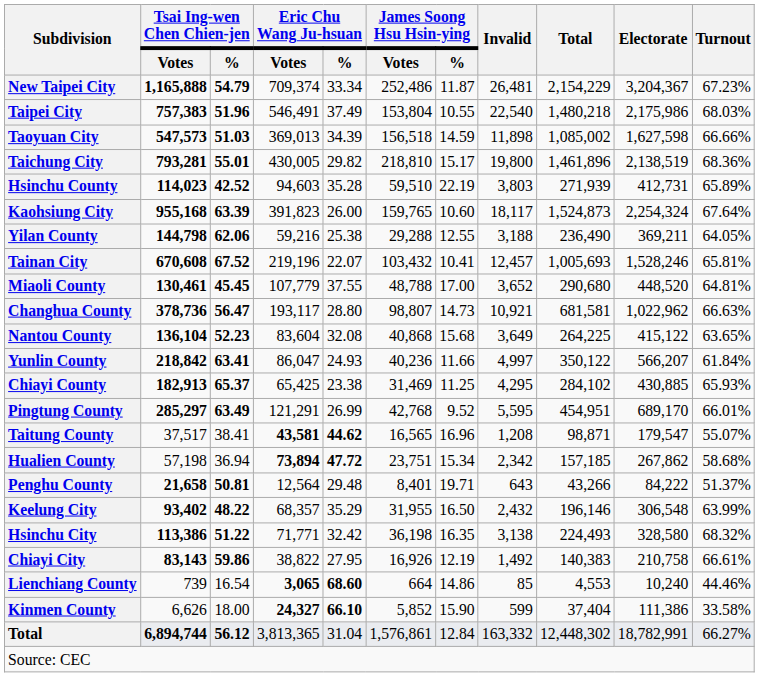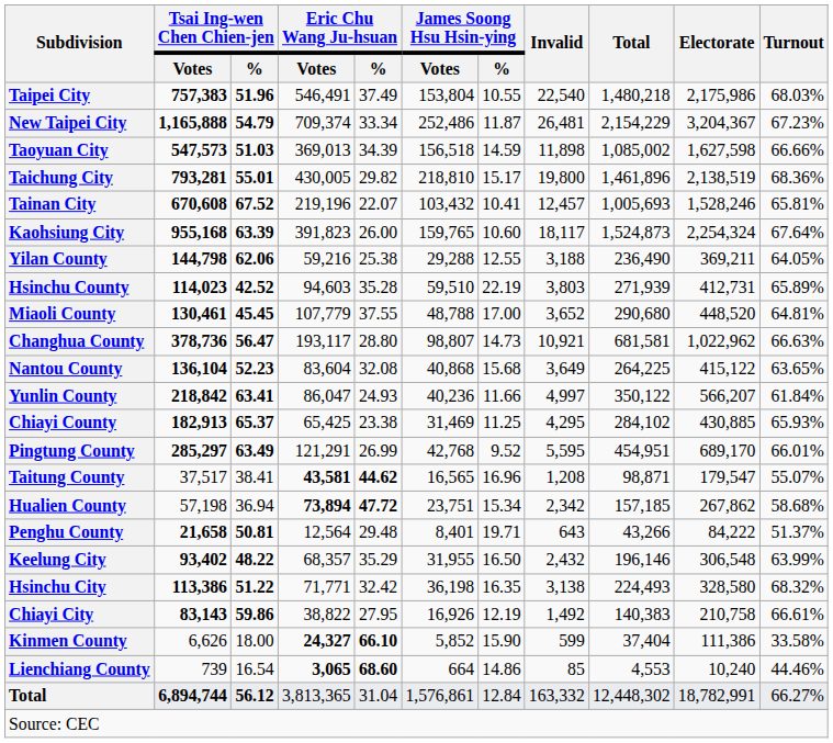 <table class="wikitable sortable" style=text-align:right>
 <tr>
 <th rowspan="2">Subdivision</th>
 <th colspan="2" style="border-bottom:4px solid "><a href='#'>Tsai Ing-wen</a><br><a href='#'>Chen Chien-jen</a></th>
 <th colspan="2" style="border-bottom:4px solid "><a href='#'>Eric Chu</a><br><a href='#'>Wang Ju-hsuan</a></th>
 <th colspan="2" style="border-bottom:4px solid "><a href='#'>James Soong</a><br><a href='#'>Hsu Hsin-ying</a></th>
 <th rowspan="2">Invalid</th>
 <th rowspan="2">Total</th>
 <th rowspan="2">Electorate</th>
 <th rowspan="2">Turnout</th>
 </tr>
 <tr>
 <th>Votes</th>
 <th>%</th>
 <th>Votes</th>
 <th>%</th>
 <th>Votes</th>
 <th>%</th>
 </tr>
 <tr>
+<th style="text-align: left;"><a href='#'>Taipei City</a></th>
+<td><strong>757,383</strong></td>
+<td><strong>51.96</strong></td>
+<td>546,491</td>
+<td>37.49</td>
+<td>153,804</td>
+<td>10.55</td>
+<td>22,540</td>
+<td>1,480,218</td>
+<td>2,175,986</td>
+<td>68.03%</td>
+</tr>
+<tr>
 <th style="text-align: left;"><a href='#'>New Taipei City</a></th>
 <td><strong>1,165,888</strong></td>
 <td><strong>54.79</strong></td>
 <td>709,374</td>
 <td>33.34</td>
 <td>252,486</td>
 <td>11.87</td>
 <td>26,481</td>
 <td>2,154,229</td>
 <td>3,204,367</td>
 <td>67.23%</td>
-</tr>
-<tr>
-<th style="text-align: left;"><a href='#'>Taipei City</a></th>
-<td><strong>757,383</strong></td>
-<td><strong>51.96</strong></td>
-<td>546,491</td>
-<td>37.49</td>
-<td>153,804</td>
-<td>10.55</td>
-<td>22,540</td>
-<td>1,480,218</td>
-<td>2,175,986</td>
-<td>68.03%</td>
 </tr>
 <tr>
 <th style="text-align: left;"><a href='#'>Taoyuan City</a></th>
 <td><strong>547,573</strong></td>
 <td><strong>51.03</strong></td>
 <td>369,013</td>
 <td>34.39</td>
 <td>156,518</td>
 <td>14.59</td>
 <td>11,898</td>
 <td>1,085,002</td>
 <td>1,627,598</td>
 <td>66.66%</td>
 </tr>
 <tr>
 <th style="text-align: left;"><a href='#'>Taichung City</a></th>
 <td><strong>793,281</strong></td>
 <td><strong>55.01</strong></td>
 <td>430,005</td>
 <td>29.82</td>
 <td>218,810</td>
 <td>15.17</td>
 <td>19,800</td>
 <td>1,461,896</td>
 <td>2,138,519</td>
 <td>68.36%</td>
 </tr>
 <tr>
-<th style="text-align: left;"><a href='#'>Hsinchu County</a></th>
-<td><strong>114,023</strong></td>
-<td><strong>42.52</strong></td>
-<td>94,603</td>
-<td>35.28</td>
-<td>59,510</td>
-<td>22.19</td>
-<td>3,803</td>
-<td>271,939</td>
-<td>412,731</td>
-<td>65.89%</td>
+<th style="text-align: left;"><a href='#'>Tainan City</a></th>
+<td><strong>670,608</strong></td>
+<td><strong>67.52</strong></td>
+<td>219,196</td>
+<td>22.07</td>
+<td>103,432</td>
+<td>10.41</td>
+<td>12,457</td>
+<td>1,005,693</td>
+<td>1,528,246</td>
+<td>65.81%</td>
 </tr>
 <tr>
 <th style="text-align: left;"><a href='#'>Kaohsiung City</a></th>
 <td><strong>955,168</strong></td>
 <td><strong>63.39</strong></td>
 <td>391,823</td>
 <td>26.00</td>
 <td>159,765</td>
 <td>10.60</td>
 <td>18,117</td>
 <td>1,524,873</td>
 <td>2,254,324</td>
 <td>67.64%</td>
 </tr>
 <tr>
 <th style="text-align: left;"><a href='#'>Yilan County</a></th>
 <td><strong>144,798</strong></td>
 <td><strong>62.06</strong></td>
 <td>59,216</td>
 <td>25.38</td>
 <td>29,288</td>
 <td>12.55</td>
 <td>3,188</td>
 <td>236,490</td>
 <td>369,211</td>
 <td>64.05%</td>
 </tr>
 <tr>
-<th style="text-align: left;"><a href='#'>Tainan City</a></th>
-<td><strong>670,608</strong></td>
-<td><strong>67.52</strong></td>
-<td>219,196</td>
-<td>22.07</td>
-<td>103,432</td>
-<td>10.41</td>
-<td>12,457</td>
-<td>1,005,693</td>
-<td>1,528,246</td>
-<td>65.81%</td>
+<th style="text-align: left;"><a href='#'>Hsinchu County</a></th>
+<td><strong>114,023</strong></td>
+<td><strong>42.52</strong></td>
+<td>94,603</td>
+<td>35.28</td>
+<td>59,510</td>
+<td>22.19</td>
+<td>3,803</td>
+<td>271,939</td>
+<td>412,731</td>
+<td>65.89%</td>
 </tr>
 <tr>
 <th style="text-align: left;"><a href='#'>Miaoli County</a></th>
 <td><strong>130,461</strong></td>
 <td><strong>45.45</strong></td>
 <td>107,779</td>
 <td>37.55</td>
 <td>48,788</td>
 <td>17.00</td>
 <td>3,652</td>
 <td>290,680</td>
 <td>448,520</td>
 <td>64.81%</td>
 </tr>
 <tr>
 <th style="text-align: left;"><a href='#'>Changhua County</a></th>
 <td><strong>378,736</strong></td>
 <td><strong>56.47</strong></td>
 <td>193,117</td>
 <td>28.80</td>
 <td>98,807</td>
 <td>14.73</td>
 <td>10,921</td>
 <td>681,581</td>
 <td>1,022,962</td>
 <td>66.63%</td>
 </tr>
 <tr>
 <th style="text-align: left;"><a href='#'>Nantou County</a></th>
 <td><strong>136,104</strong></td>
 <td><strong>52.23</strong></td>
 <td>83,604</td>
 <td>32.08</td>
 <td>40,868</td>
 <td>15.68</td>
 <td>3,649</td>
 <td>264,225</td>
 <td>415,122</td>
 <td>63.65%</td>
 </tr>
 <tr>
 <th style="text-align: left;"><a href='#'>Yunlin County</a></th>
 <td><strong>218,842</strong></td>
 <td><strong>63.41</strong></td>
 <td>86,047</td>
 <td>24.93</td>
 <td>40,236</td>
 <td>11.66</td>
 <td>4,997</td>
 <td>350,122</td>
 <td>566,207</td>
 <td>61.84%</td>
 </tr>
 <tr>
 <th style="text-align: left;"><a href='#'>Chiayi County</a></th>
 <td><strong>182,913</strong></td>
 <td><strong>65.37</strong></td>
 <td>65,425</td>
 <td>23.38</td>
 <td>31,469</td>
 <td>11.25</td>
 <td>4,295</td>
 <td>284,102</td>
 <td>430,885</td>
 <td>65.93%</td>
 </tr>
 <tr>
 <th style="text-align: left;"><a href='#'>Pingtung County</a></th>
 <td><strong>285,297</strong></td>
 <td><strong>63.49</strong></td>
 <td>121,291</td>
 <td>26.99</td>
 <td>42,768</td>
 <td>9.52</td>
 <td>5,595</td>
 <td>454,951</td>
 <td>689,170</td>
 <td>66.01%</td>
 </tr>
 <tr>
 <th style="text-align: left;"><a href='#'>Taitung County</a></th>
 <td>37,517</td>
 <td>38.41</td>
 <td><strong>43,581</strong></td>
 <td><strong>44.62</strong></td>
 <td>16,565</td>
 <td>16.96</td>
 <td>1,208</td>
 <td>98,871</td>
 <td>179,547</td>
 <td>55.07%</td>
 </tr>
 <tr>
 <th style="text-align: left;"><a href='#'>Hualien County</a></th>
 <td>57,198</td>
 <td>36.94</td>
 <td><strong>73,894</strong></td>
 <td><strong>47.72</strong></td>
 <td>23,751</td>
 <td>15.34</td>
 <td>2,342</td>
 <td>157,185</td>
 <td>267,862</td>
 <td>58.68%</td>
 </tr>
 <tr>
 <th style="text-align: left;"><a href='#'>Penghu County</a></th>
 <td><strong>21,658</strong></td>
 <td><strong>50.81</strong></td>
 <td>12,564</td>
 <td>29.48</td>
 <td>8,401</td>
 <td>19.71</td>
 <td>643</td>
 <td>43,266</td>
 <td>84,222</td>
 <td>51.37%</td>
 </tr>
 <tr>
 <th style="text-align: left;"><a href='#'>Keelung City</a></th>
 <td><strong>93,402</strong></td>
 <td><strong>48.22</strong></td>
 <td>68,357</td>
 <td>35.29</td>
 <td>31,955</td>
 <td>16.50</td>
 <td>2,432</td>
 <td>196,146</td>
 <td>306,548</td>
 <td>63.99%</td>
 </tr>
 <tr>
 <th style="text-align: left;"><a href='#'>Hsinchu City</a></th>
 <td><strong>113,386</strong></td>
 <td><strong>51.22</strong></td>
 <td>71,771</td>
 <td>32.42</td>
 <td>36,198</td>
 <td>16.35</td>
 <td>3,138</td>
 <td>224,493</td>
 <td>328,580</td>
 <td>68.32%</td>
 </tr>
 <tr>
 <th style="text-align: left;"><a href='#'>Chiayi City</a></th>
 <td><strong>83,143</strong></td>
 <td><strong>59.86</strong></td>
 <td>38,822</td>
 <td>27.95</td>
 <td>16,926</td>
 <td>12.19</td>
 <td>1,492</td>
 <td>140,383</td>
 <td>210,758</td>
 <td>66.61%</td>
 </tr>
 <tr>
+<th style="text-align: left;"><a href='#'>Kinmen County</a></th>
+<td>6,626</td>
+<td>18.00</td>
+<td><strong>24,327</strong></td>
+<td><strong>66.10</strong></td>
+<td>5,852</td>
+<td>15.90</td>
+<td>599</td>
+<td>37,404</td>
+<td>111,386</td>
+<td>33.58%</td>
+</tr>
+<tr>
 <th style="text-align: left;"><a href='#'>Lienchiang County</a></th>
 <td>739</td>
 <td>16.54</td>
 <td><strong>3,065</strong></td>
 <td><strong>68.60</strong></td>
 <td>664</td>
 <td>14.86</td>
 <td>85</td>
 <td>4,553</td>
 <td>10,240</td>
 <td>44.46%</td>
-</tr>
-<tr>
-<th style="text-align: left;"><a href='#'>Kinmen County</a></th>
-<td>6,626</td>
-<td>18.00</td>
-<td><strong>24,327</strong></td>
-<td><strong>66.10</strong></td>
-<td>5,852</td>
-<td>15.90</td>
-<td>599</td>
-<td>37,404</td>
-<td>111,386</td>
-<td>33.58%</td>
 </tr>
 <tr style="background-color:#eaecf0" class=sortbottom>
 <th style="text-align: left;">Total</th>
 <td><strong>6,894,744</strong></td>
 <td><strong>56.12</strong></td>
 <td>3,813,365</td>
 <td>31.04</td>
 <td>1,576,861</td>
 <td>12.84</td>
 <td>163,332</td>
 <td>12,448,302</td>
 <td>18,782,991</td>
 <td>66.27%</td>
 </tr>
 <tr class=sortbottom>
 <td align=left colspan=11>Source: CEC</td>
 </tr>
 </table>
